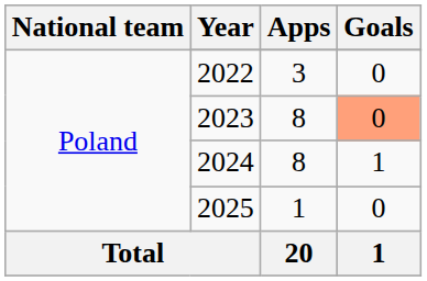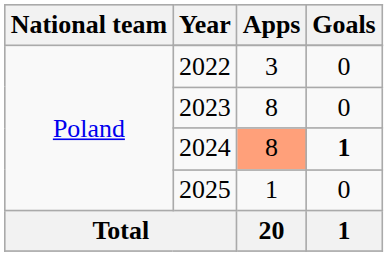 <table class="wikitable" style="text-align:center">
 <tr>
 <th>National team</th>
 <th>Year</th>
 <th>Apps</th>
 <th>Goals</th>
 </tr>
 <tr>
 <td rowspan="5"><a href='#'>Poland</a></td>
 </tr>
 <tr>
 <td>2022</td>
 <td>3</td>
 <td>0</td>
 </tr>
 <tr>
 <td>2023</td>
 <td>8</td>
-<td style="background: lightsalmon;">0</td>
+<td>0</td>
 </tr>
 <tr>
 <td>2024</td>
-<td>8</td>
-<td>1</td>
+<td style="background: lightsalmon;">8</td>
+<td><strong>1</strong></td>
 </tr>
 <tr>
 <td>2025</td>
 <td>1</td>
 <td>0</td>
 </tr>
 <tr>
 <th colspan="2">Total</th>
 <th>20</th>
 <th>1</th>
 </tr>
 </table>
